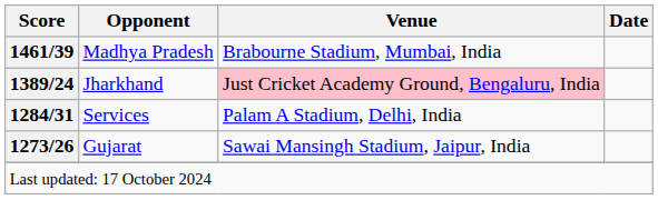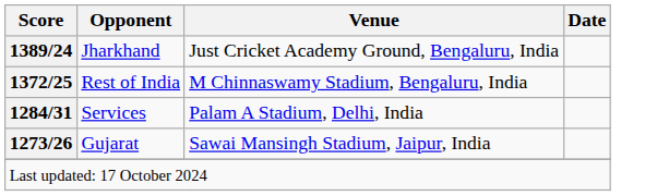 <table class="wikitable sortable" style="text-align:left;font-size:93%;">
 <tr>
 <th><strong>Score</strong></th>
 <th><strong>Opponent</strong></th>
 <th><strong>Venue</strong></th>
 <th><strong>Date</strong></th>
 </tr>
 <tr>
-<th>1461/39</th>
-<td><a href='#'>Madhya Pradesh</a></td>
-<td><a href='#'>Brabourne Stadium</a>, <a href='#'>Mumbai</a>, India</td>
+<th>1389/24</th>
+<td><a href='#'>Jharkhand</a></td>
+<td>Just Cricket Academy Ground, <a href='#'>Bengaluru</a>, India</td>
 <td></td>
 </tr>
 <tr>
-<th>1389/24</th>
-<td><a href='#'>Jharkhand</a></td>
-<td style="background: pink;">Just Cricket Academy Ground, <a href='#'>Bengaluru</a>, India</td>
+<th>1372/25</th>
+<td><a href='#'>Rest of India</a></td>
+<td><a href='#'>M Chinnaswamy Stadium</a>, <a href='#'>Bengaluru</a>, India</td>
 <td></td>
 </tr>
 <tr>
 <th>1284/31</th>
 <td><a href='#'>Services</a></td>
 <td><a href='#'>Palam A Stadium</a>, <a href='#'>Delhi</a>, India</td>
 <td></td>
 </tr>
 <tr>
 <th>1273/26</th>
 <td><a href='#'>Gujarat</a></td>
 <td><a href='#'>Sawai Mansingh Stadium</a>, <a href='#'>Jaipur</a>, India</td>
 <td></td>
 </tr>
 <tr>
 </tr>
 <tr class="sortbottom">
 <td colspan="4"><small>Last updated: 17 October 2024</small></td>
 </tr>
 </table>
